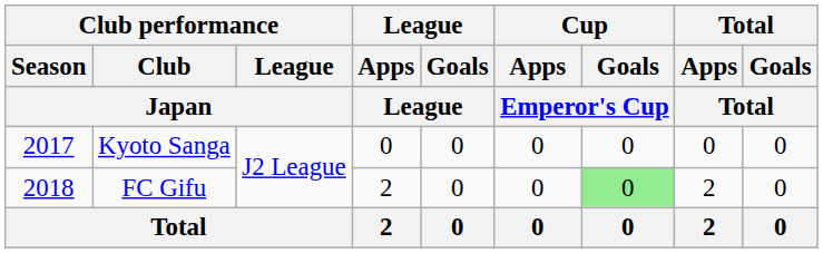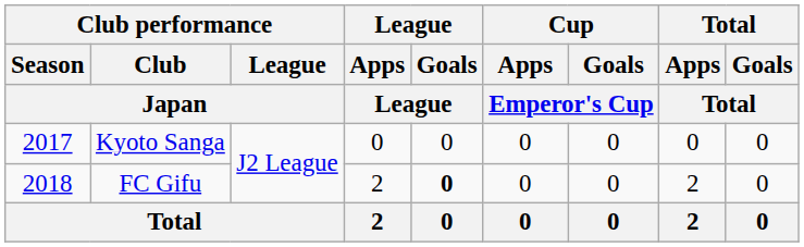 <table class="wikitable" style="text-align:center;">
 <tr>
 <th colspan=3>Club performance</th>
 <th colspan=2>League</th>
 <th colspan=2>Cup</th>
 <th colspan=2>Total</th>
 </tr>
 <tr>
 <th>Season</th>
 <th>Club</th>
 <th>League</th>
 <th>Apps</th>
 <th>Goals</th>
 <th>Apps</th>
 <th>Goals</th>
 <th>Apps</th>
 <th>Goals</th>
 </tr>
 <tr>
 <th colspan=3>Japan</th>
 <th colspan=2>League</th>
 <th colspan=2><a href='#'>Emperor's Cup</a></th>
 <th colspan=2>Total</th>
 </tr>
 <tr>
 <td><a href='#'>2017</a></td>
 <td><a href='#'>Kyoto Sanga</a></td>
 <td rowspan="2"><a href='#'>J2 League</a></td>
 <td>0</td>
 <td>0</td>
 <td>0</td>
 <td>0</td>
 <td>0</td>
 <td>0</td>
 </tr>
 <tr>
 <td><a href='#'>2018</a></td>
 <td rowspan="1"><a href='#'>FC Gifu</a></td>
 <td>2</td>
+<td><strong>0</strong></td>
 <td>0</td>
 <td>0</td>
-<td style="background: lightgreen;">0</td>
 <td>2</td>
 <td>0</td>
 </tr>
 <tr>
 <th colspan=3>Total</th>
 <th>2</th>
 <th>0</th>
 <th>0</th>
 <th>0</th>
 <th>2</th>
 <th>0</th>
 </tr>
 </table>
